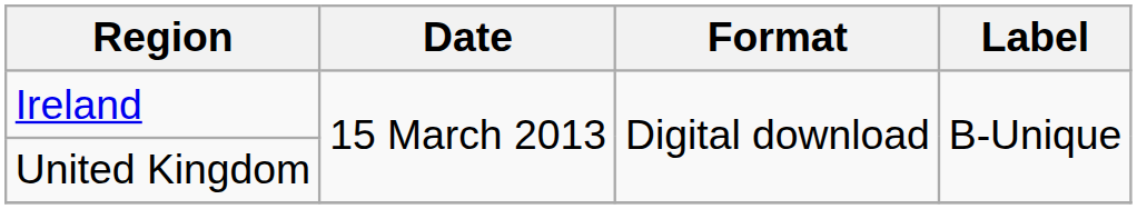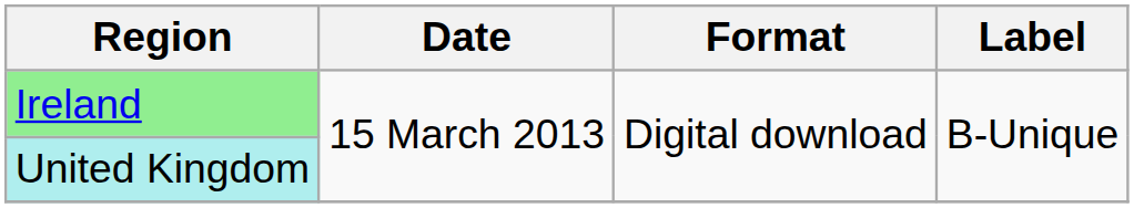 <table class=wikitable>
 <tr>
 <th>Region</th>
 <th>Date</th>
 <th>Format</th>
 <th>Label</th>
 </tr>
 <tr>
-<td><a href='#'>Ireland</a></td>
+<td style="background: lightgreen;"><a href='#'>Ireland</a></td>
 <td rowspan="2">15 March 2013</td>
 <td rowspan="2">Digital download</td>
 <td rowspan="2">B-Unique</td>
 </tr>
 <tr>
-<td>United Kingdom</td>
+<td style="background: paleturquoise;">United Kingdom</td>
 </tr>
 <tr>
 </tr>
 </table>
